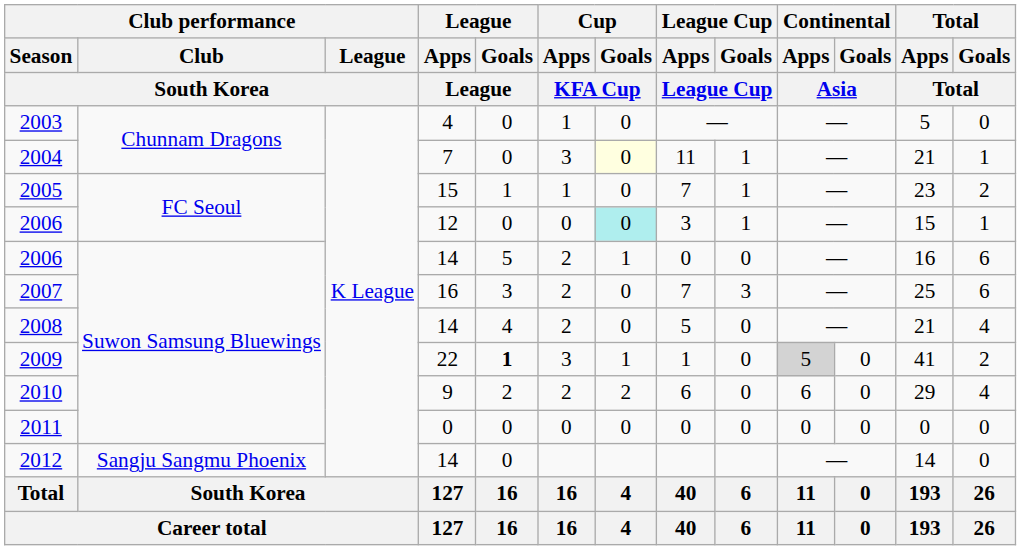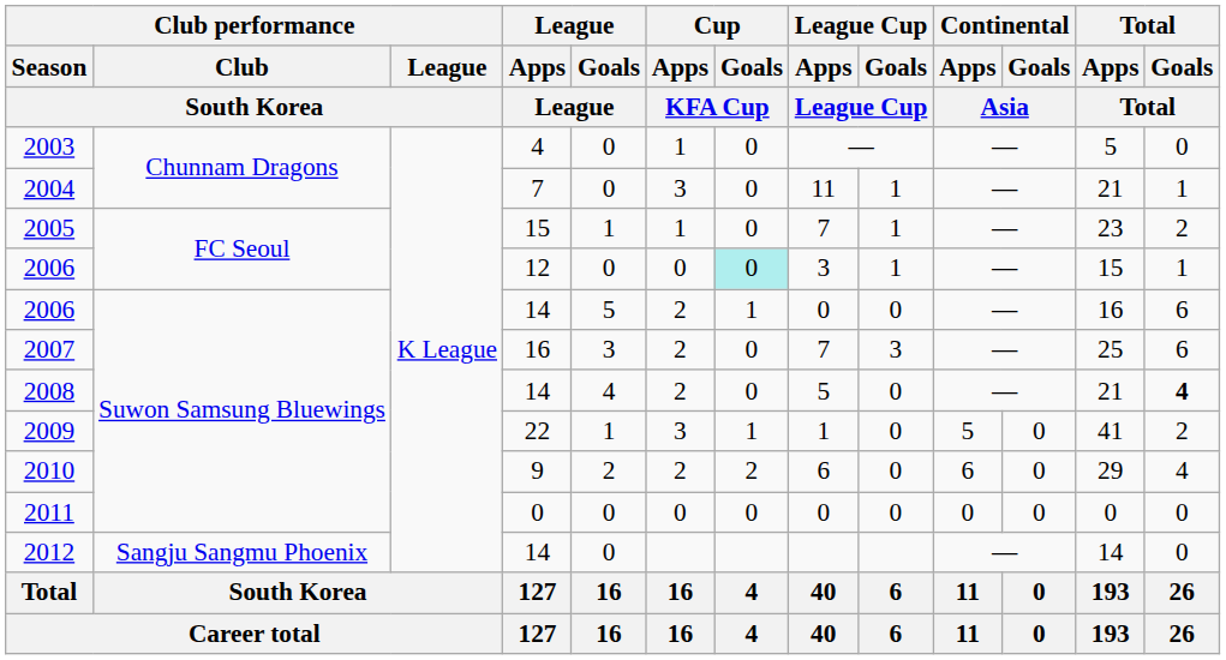 <table class="wikitable" style="text-align:center">
 <tr>
 <th colspan=3>Club performance</th>
 <th colspan=2>League</th>
 <th colspan=2>Cup</th>
 <th colspan=2>League Cup</th>
 <th colspan=2>Continental</th>
 <th colspan=2>Total</th>
 </tr>
 <tr>
 <th>Season</th>
 <th>Club</th>
 <th>League</th>
 <th>Apps</th>
 <th>Goals</th>
 <th>Apps</th>
 <th>Goals</th>
 <th>Apps</th>
 <th>Goals</th>
 <th>Apps</th>
 <th>Goals</th>
 <th>Apps</th>
 <th>Goals</th>
 </tr>
 <tr>
 <th colspan=3>South Korea</th>
 <th colspan=2>League</th>
 <th colspan=2><a href='#'>KFA Cup</a></th>
 <th colspan=2><a href='#'>League Cup</a></th>
 <th colspan=2><a href='#'>Asia</a></th>
 <th colspan=2>Total</th>
 </tr>
 <tr>
 <td><a href='#'>2003</a></td>
 <td rowspan="2"><a href='#'>Chunnam Dragons</a></td>
 <td rowspan="11"><a href='#'>K League</a></td>
 <td>4</td>
 <td>0</td>
 <td>1</td>
 <td>0</td>
 <td colspan="2">—</td>
 <td colspan="2">—</td>
 <td>5</td>
 <td>0</td>
 </tr>
 <tr>
 <td><a href='#'>2004</a></td>
 <td>7</td>
 <td>0</td>
 <td>3</td>
-<td style="background: lightyellow;">0</td>
+<td>0</td>
 <td>11</td>
 <td>1</td>
 <td colspan="2">—</td>
 <td>21</td>
 <td>1</td>
 </tr>
 <tr>
 <td><a href='#'>2005</a></td>
 <td rowspan="2"><a href='#'>FC Seoul</a></td>
 <td>15</td>
 <td>1</td>
 <td>1</td>
 <td>0</td>
 <td>7</td>
 <td>1</td>
 <td colspan="2">—</td>
 <td>23</td>
 <td>2</td>
 </tr>
 <tr>
 <td><a href='#'>2006</a></td>
 <td>12</td>
 <td>0</td>
 <td>0</td>
 <td style="background: paleturquoise;">0</td>
 <td>3</td>
 <td>1</td>
 <td colspan="2">—</td>
 <td>15</td>
 <td>1</td>
 </tr>
 <tr>
 <td><a href='#'>2006</a></td>
 <td rowspan="6"><a href='#'>Suwon Samsung Bluewings</a></td>
 <td>14</td>
 <td>5</td>
 <td>2</td>
 <td>1</td>
 <td>0</td>
 <td>0</td>
 <td colspan="2">—</td>
 <td>16</td>
 <td>6</td>
 </tr>
 <tr>
 <td><a href='#'>2007</a></td>
 <td>16</td>
 <td>3</td>
 <td>2</td>
 <td>0</td>
 <td>7</td>
 <td>3</td>
 <td colspan="2">—</td>
 <td>25</td>
 <td>6</td>
 </tr>
 <tr>
 <td><a href='#'>2008</a></td>
 <td>14</td>
 <td>4</td>
 <td>2</td>
 <td>0</td>
 <td>5</td>
 <td>0</td>
 <td colspan="2">—</td>
 <td>21</td>
-<td>4</td>
+<td><strong>4</strong></td>
 </tr>
 <tr>
 <td><a href='#'>2009</a></td>
 <td>22</td>
-<td><strong>1</strong></td>
+<td>1</td>
 <td>3</td>
 <td>1</td>
 <td>1</td>
 <td>0</td>
-<td style="background: lightgrey;">5</td>
+<td>5</td>
 <td>0</td>
 <td>41</td>
 <td>2</td>
 </tr>
 <tr>
 <td><a href='#'>2010</a></td>
 <td>9</td>
 <td>2</td>
 <td>2</td>
 <td>2</td>
 <td>6</td>
 <td>0</td>
 <td>6</td>
 <td>0</td>
 <td>29</td>
 <td>4</td>
 </tr>
 <tr>
 <td><a href='#'>2011</a></td>
 <td>0</td>
 <td>0</td>
 <td>0</td>
 <td>0</td>
 <td>0</td>
 <td>0</td>
 <td>0</td>
 <td>0</td>
 <td>0</td>
 <td>0</td>
 </tr>
 <tr>
 <td><a href='#'>2012</a></td>
 <td rowspan="1"><a href='#'>Sangju Sangmu Phoenix</a></td>
 <td>14</td>
 <td>0</td>
 <td></td>
 <td></td>
 <td></td>
 <td></td>
 <td colspan="2">—</td>
 <td>14</td>
 <td>0</td>
 </tr>
 <tr>
 <th rowspan=1>Total</th>
 <th colspan=2>South Korea</th>
 <th>127</th>
 <th>16</th>
 <th>16</th>
 <th>4</th>
 <th>40</th>
 <th>6</th>
 <th>11</th>
 <th>0</th>
 <th>193</th>
 <th>26</th>
 </tr>
 <tr>
 <th colspan=3>Career total</th>
 <th>127</th>
 <th>16</th>
 <th>16</th>
 <th>4</th>
 <th>40</th>
 <th>6</th>
 <th>11</th>
 <th>0</th>
 <th>193</th>
 <th>26</th>
 </tr>
 </table>
